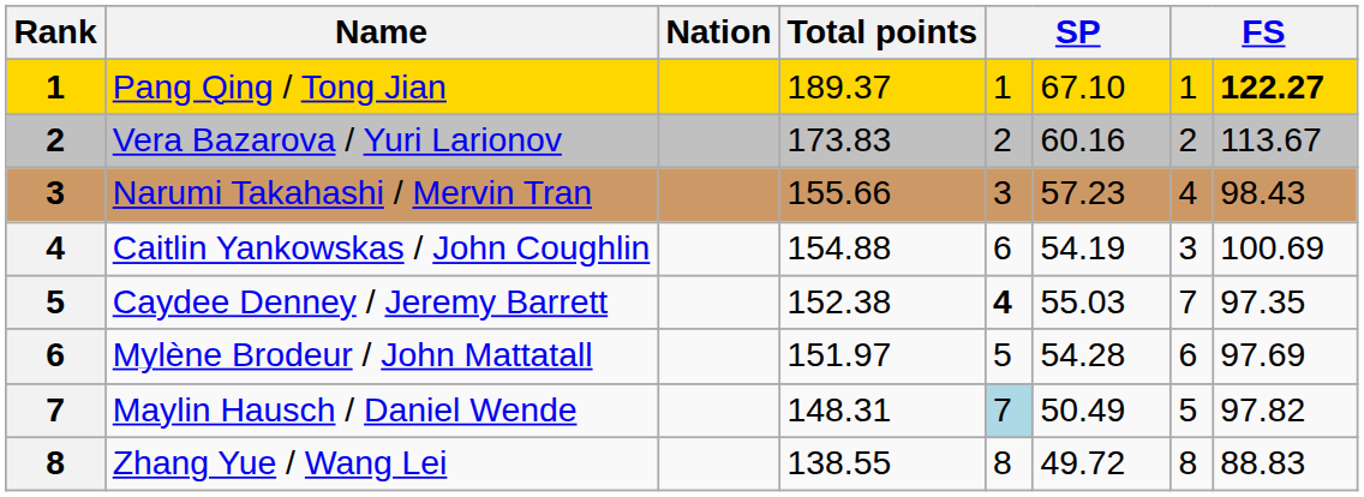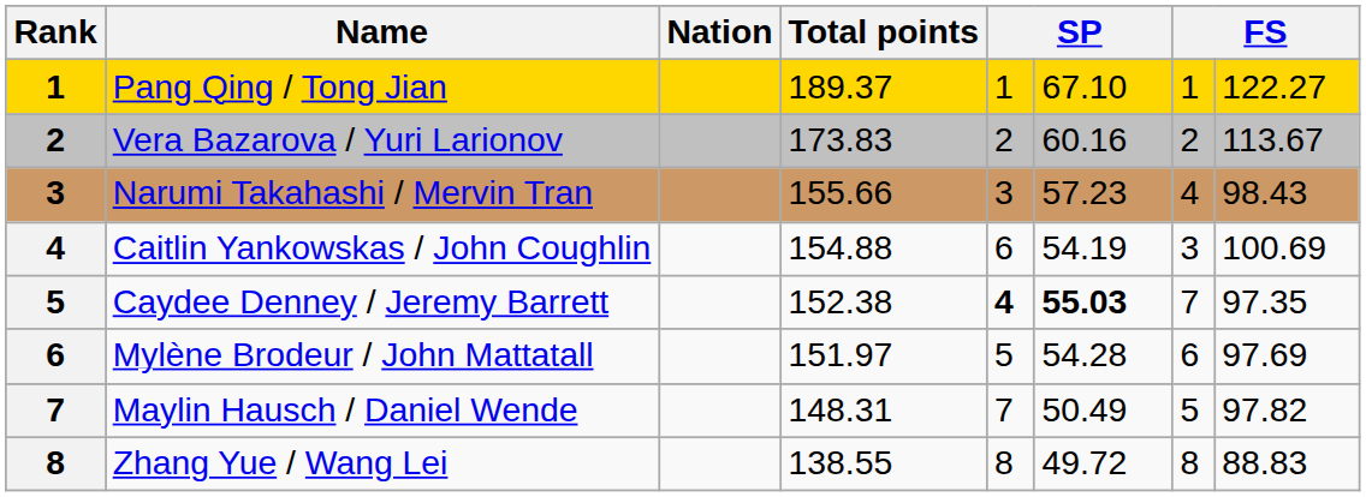 <table class="wikitable sortable">
 <tr>
 <th>Rank</th>
 <th>Name</th>
 <th>Nation</th>
 <th>Total points</th>
 <th colspan="2" width="80px"><a href='#'>SP</a></th>
 <th colspan="2" width="80px"><a href='#'>FS</a></th>
 </tr>
 <tr bgcolor="gold">
 <td align="center"><strong>1</strong></td>
 <td><a href='#'>Pang Qing</a> / <a href='#'>Tong Jian</a></td>
 <td></td>
 <td>189.37</td>
 <td>1</td>
 <td>67.10</td>
 <td>1</td>
-<td><strong>122.27</strong></td>
+<td>122.27</td>
 </tr>
 <tr bgcolor="silver">
 <td align="center"><strong>2</strong></td>
 <td><a href='#'>Vera Bazarova</a> / <a href='#'>Yuri Larionov</a></td>
 <td></td>
 <td>173.83</td>
 <td>2</td>
 <td>60.16</td>
 <td>2</td>
 <td>113.67</td>
 </tr>
 <tr bgcolor="cc9966">
 <td align="center"><strong>3</strong></td>
 <td><a href='#'>Narumi Takahashi</a> / <a href='#'>Mervin Tran</a></td>
 <td></td>
 <td>155.66</td>
 <td>3</td>
 <td>57.23</td>
 <td>4</td>
 <td>98.43</td>
 </tr>
 <tr>
 <th>4</th>
 <td><a href='#'>Caitlin Yankowskas</a> / <a href='#'>John Coughlin</a></td>
 <td></td>
 <td>154.88</td>
 <td>6</td>
 <td>54.19</td>
 <td>3</td>
 <td>100.69</td>
 </tr>
 <tr>
 <th>5</th>
 <td><a href='#'>Caydee Denney</a> / <a href='#'>Jeremy Barrett</a></td>
 <td></td>
 <td>152.38</td>
 <td><strong>4</strong></td>
-<td>55.03</td>
+<td><strong>55.03</strong></td>
 <td>7</td>
 <td>97.35</td>
 </tr>
 <tr>
 <th>6</th>
 <td><a href='#'>Mylène Brodeur</a> / <a href='#'>John Mattatall</a></td>
 <td></td>
 <td>151.97</td>
 <td>5</td>
 <td>54.28</td>
 <td>6</td>
 <td>97.69</td>
 </tr>
 <tr>
 <th>7</th>
 <td><a href='#'>Maylin Hausch</a> / <a href='#'>Daniel Wende</a></td>
 <td></td>
 <td>148.31</td>
-<td style="background: lightblue;">7</td>
+<td>7</td>
 <td>50.49</td>
 <td>5</td>
 <td>97.82</td>
 </tr>
 <tr>
 <th>8</th>
 <td><a href='#'>Zhang Yue</a> / <a href='#'>Wang Lei</a></td>
 <td></td>
 <td>138.55</td>
 <td>8</td>
 <td>49.72</td>
 <td>8</td>
 <td>88.83</td>
 </tr>
 </table>
